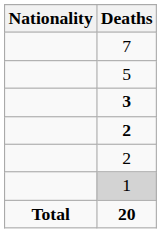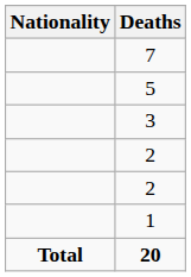 <table class="wikitable floatright" style="float:centre;">
 <tr valign="top">
 </tr>
 <tr>
 <th>Nationality</th>
 <th>Deaths</th>
 </tr>
 <tr>
 <td></td>
 <td align=center>7</td>
 </tr>
 <tr>
 <td></td>
 <td align=center>5</td>
 </tr>
 <tr>
 <td></td>
-<td align=center><strong>3</strong></td>
-</tr>
-<tr>
-<td></td>
-<td align=center><strong>2</strong></td>
+<td align=center>3</td>
 </tr>
 <tr>
 <td></td>
 <td align=center>2</td>
 </tr>
 <tr>
 <td></td>
-<td align=center style="background: lightgrey;">1</td>
+<td align=center>2</td>
+</tr>
+<tr>
+<td></td>
+<td align=center>1</td>
 </tr>
 <tr>
 <td align=center><strong>Total</strong></td>
 <td align=center><strong>20</strong></td>
 </tr>
 </table>
